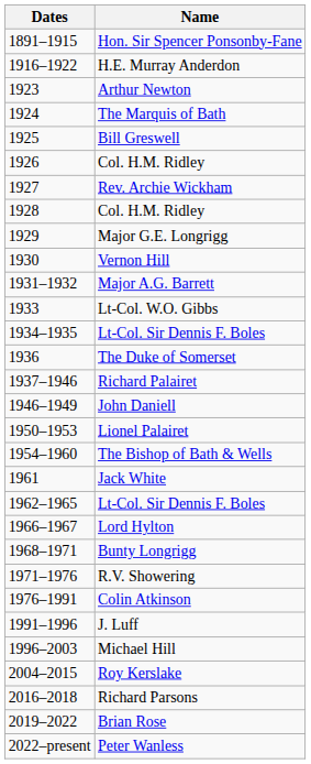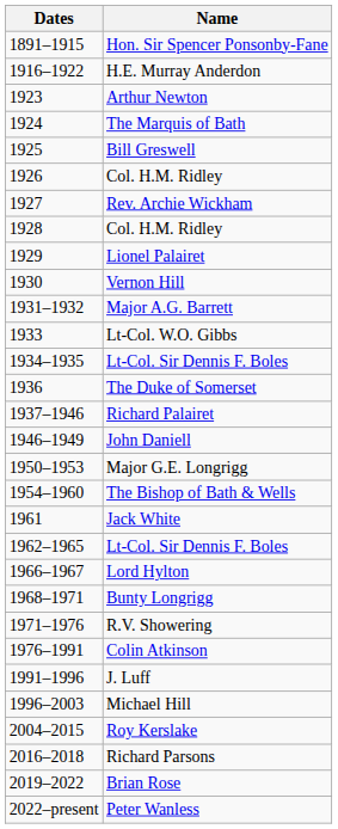 <table class="wikitable">
 <tr>
 <th>Dates</th>
 <th>Name</th>
 </tr>
 <tr>
 <td>1891–1915</td>
 <td><a href='#'>Hon. Sir Spencer Ponsonby-Fane</a></td>
 </tr>
 <tr>
 <td>1916–1922</td>
 <td>H.E. Murray Anderdon</td>
 </tr>
 <tr>
 <td>1923</td>
 <td><a href='#'>Arthur Newton</a></td>
 </tr>
 <tr>
 <td>1924</td>
 <td><a href='#'>The Marquis of Bath</a></td>
 </tr>
 <tr>
 <td>1925</td>
 <td><a href='#'>Bill Greswell</a></td>
 </tr>
 <tr>
 <td>1926</td>
 <td>Col. H.M. Ridley</td>
 </tr>
 <tr>
 <td>1927</td>
 <td><a href='#'>Rev. Archie Wickham</a></td>
 </tr>
 <tr>
 <td>1928</td>
 <td>Col. H.M. Ridley</td>
 </tr>
 <tr>
 <td>1929</td>
-<td>Major G.E. Longrigg</td>
+<td><a href='#'>Lionel Palairet</a></td>
 </tr>
 <tr>
 <td>1930</td>
 <td><a href='#'>Vernon Hill</a></td>
 </tr>
 <tr>
 <td>1931–1932</td>
 <td><a href='#'>Major A.G. Barrett</a></td>
 </tr>
 <tr>
 <td>1933</td>
 <td>Lt-Col. W.O. Gibbs</td>
 </tr>
 <tr>
 <td>1934–1935</td>
 <td><a href='#'>Lt-Col. Sir Dennis F. Boles</a></td>
 </tr>
 <tr>
 <td>1936</td>
 <td><a href='#'>The Duke of Somerset</a></td>
 </tr>
 <tr>
 <td>1937–1946</td>
 <td><a href='#'>Richard Palairet</a></td>
 </tr>
 <tr>
 <td>1946–1949</td>
 <td><a href='#'>John Daniell</a></td>
 </tr>
 <tr>
 <td>1950–1953</td>
-<td><a href='#'>Lionel Palairet</a></td>
+<td>Major G.E. Longrigg</td>
 </tr>
 <tr>
 <td>1954–1960</td>
 <td><a href='#'>The Bishop of Bath & Wells</a></td>
 </tr>
 <tr>
 <td>1961</td>
 <td><a href='#'>Jack White</a></td>
 </tr>
 <tr>
 <td>1962–1965</td>
 <td><a href='#'>Lt-Col. Sir Dennis F. Boles</a></td>
 </tr>
 <tr>
 <td>1966–1967</td>
 <td><a href='#'>Lord Hylton</a></td>
 </tr>
 <tr>
 <td>1968–1971</td>
 <td><a href='#'>Bunty Longrigg</a></td>
 </tr>
 <tr>
 <td>1971–1976</td>
 <td>R.V. Showering</td>
 </tr>
 <tr>
 <td>1976–1991</td>
 <td><a href='#'>Colin Atkinson</a></td>
 </tr>
 <tr>
 <td>1991–1996</td>
 <td>J. Luff</td>
 </tr>
 <tr>
 <td>1996–2003</td>
 <td>Michael Hill</td>
 </tr>
 <tr>
 <td>2004–2015</td>
 <td><a href='#'>Roy Kerslake</a></td>
 </tr>
 <tr>
 <td>2016–2018</td>
 <td>Richard Parsons</td>
 </tr>
 <tr>
 <td>2019–2022</td>
 <td><a href='#'>Brian Rose</a></td>
 </tr>
 <tr>
 <td>2022–present</td>
 <td><a href='#'>Peter Wanless</a></td>
 </tr>
 </table>
